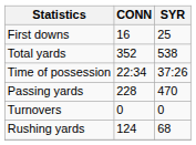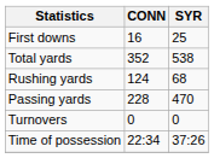 <table class="wikitable" style="float: left;">
 <tr>
 <th>Statistics</th>
 <th>CONN</th>
 <th>SYR</th>
 </tr>
 <tr>
 <td>First downs</td>
 <td>16</td>
 <td>25</td>
 </tr>
 <tr>
 <td>Total yards</td>
 <td>352</td>
 <td>538</td>
 </tr>
 <tr>
-<td>Time of possession</td>
-<td>22:34</td>
-<td>37:26</td>
+<td>Rushing yards</td>
+<td>124</td>
+<td>68</td>
 </tr>
 <tr>
 <td>Passing yards</td>
 <td>228</td>
 <td>470</td>
 </tr>
 <tr>
 <td>Turnovers</td>
 <td>0</td>
 <td>0</td>
 </tr>
 <tr>
-<td>Rushing yards</td>
-<td>124</td>
-<td>68</td>
+<td>Time of possession</td>
+<td>22:34</td>
+<td>37:26</td>
 </tr>
 <tr>
 </tr>
 </table>
